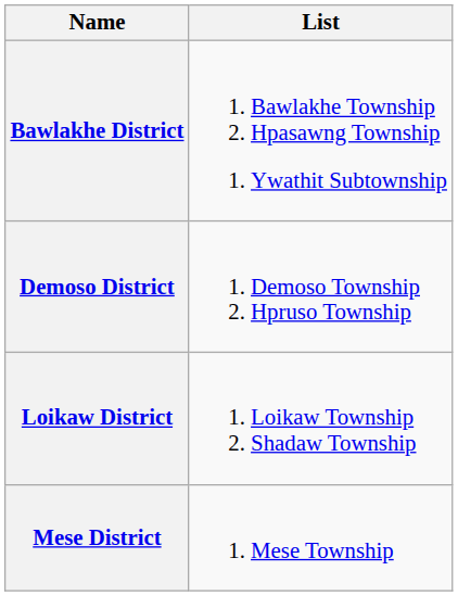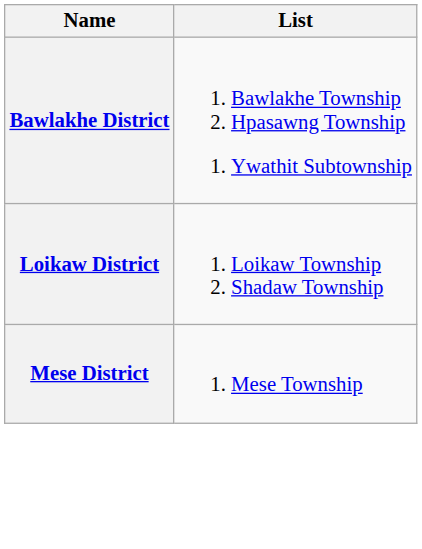 <table class=wikitable>
 <tr>
 <th>Name</th>
 <th>List</th>
 </tr>
 <tr>
 <th><a href='#'>Bawlakhe District</a></th>
 <td><br> <ol><li><a href='#'>Bawlakhe Township</a></li><li><a href='#'>Hpasawng Township</a></li></ol><ol><li><a href='#'>Ywathit Subtownship</a></li></ol></td>
 </tr>
 <tr>
-<th><a href='#'>Demoso District</a></th>
-<td><br><ol><li><a href='#'>Demoso Township</a></li><li><a href='#'>Hpruso Township</a></li></ol></td>
-</tr>
-<tr>
 <th><a href='#'>Loikaw District</a></th>
 <td><br><ol><li><a href='#'>Loikaw Township</a></li><li><a href='#'>Shadaw Township</a></li></ol></td>
 </tr>
 <tr>
 <th><a href='#'>Mese District</a></th>
 <td><br><ol><li><a href='#'>Mese Township</a></li></ol></td>
 </tr>
 </table>
